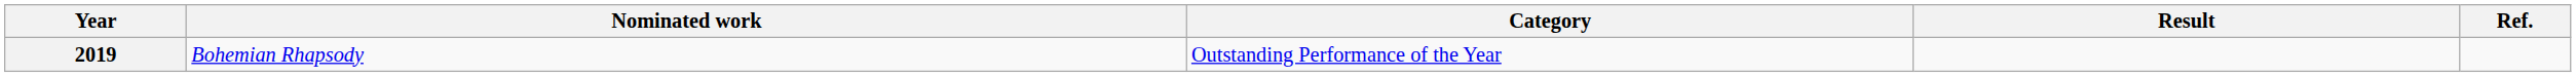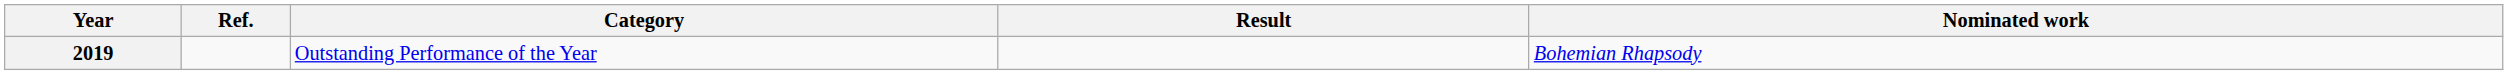 <table class="wikitable">
 <tr>
 <th width=2%>Year</th>
-<th width=11%>Nominated work</th>
+<th width=1%>Ref.</th>
 <th width=8%>Category</th>
 <th width=6%>Result</th>
-<th width=1%>Ref.</th>
+<th width=11%>Nominated work</th>
 </tr>
 <tr>
 <th scope=row>2019</th>
-<td><em><a href='#'>Bohemian Rhapsody</a></em></td>
+<td style="text-align:center;"></td>
 <td><a href='#'>Outstanding Performance of the Year</a></td>
 <td></td>
-<td style="text-align:center;"></td>
+<td><em><a href='#'>Bohemian Rhapsody</a></em></td>
 </tr>
 </table>
